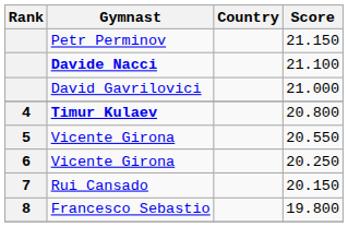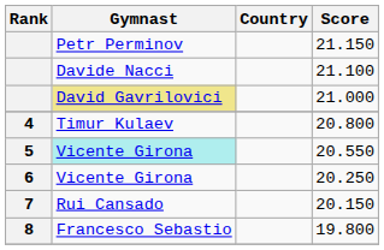 <table class="wikitable sortable">
 <tr>
 <th>Rank</th>
 <th>Gymnast</th>
 <th>Country</th>
 <th>Score</th>
 </tr>
 <tr>
 <th></th>
 <td><a href='#'>Petr Perminov</a></td>
 <td></td>
 <td>21.150</td>
 </tr>
 <tr>
 <th></th>
-<td><strong><a href='#'>Davide Nacci</a></strong></td>
+<td><a href='#'>Davide Nacci</a></td>
 <td></td>
 <td>21.100</td>
 </tr>
 <tr>
 <th></th>
-<td><a href='#'>David Gavrilovici</a></td>
+<td style="background: khaki;"><a href='#'>David Gavrilovici</a></td>
 <td></td>
 <td>21.000</td>
 </tr>
 <tr>
 </tr>
 <tr>
 <th>4</th>
-<td><strong><a href='#'>Timur Kulaev</a></strong></td>
+<td><a href='#'>Timur Kulaev</a></td>
 <td></td>
 <td>20.800</td>
 </tr>
 <tr>
 <th>5</th>
-<td><a href='#'>Vicente Girona</a></td>
+<td style="background: paleturquoise;"><a href='#'>Vicente Girona</a></td>
 <td></td>
 <td>20.550</td>
 </tr>
 <tr>
 <th>6</th>
 <td><a href='#'>Vicente Girona</a></td>
 <td></td>
 <td>20.250</td>
 </tr>
 <tr>
 <th>7</th>
 <td><a href='#'>Rui Cansado</a></td>
 <td></td>
 <td>20.150</td>
 </tr>
 <tr>
 <th>8</th>
 <td><a href='#'>Francesco Sebastio</a></td>
 <td></td>
 <td>19.800</td>
 </tr>
 <tr>
 </tr>
 </table>
